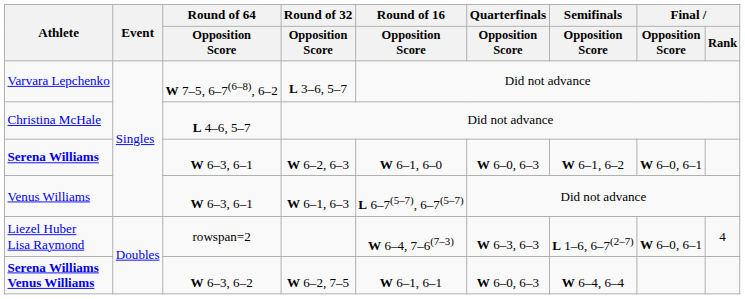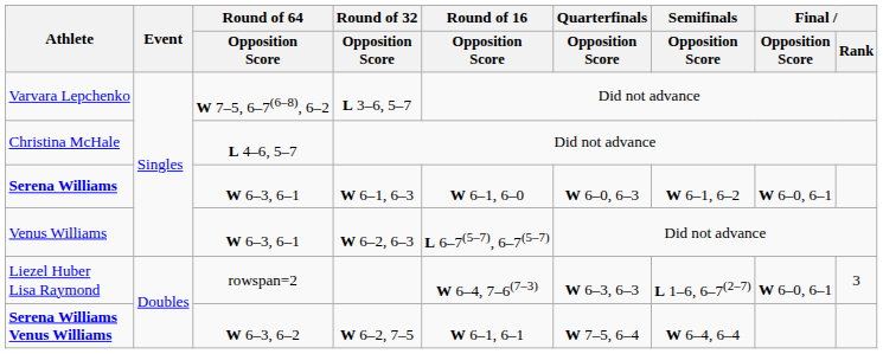 <table class=wikitable style=font-size:90%;text-align:center>
 <tr>
 <th rowspan=2>Athlete</th>
 <th rowspan=2>Event</th>
 <th>Round of 64</th>
 <th>Round of 32</th>
 <th>Round of 16</th>
 <th>Quarterfinals</th>
 <th>Semifinals</th>
 <th colspan=2>Final / </th>
 </tr>
 <tr style=font-size:95%>
 <th>Opposition<br>Score</th>
 <th>Opposition<br>Score</th>
 <th>Opposition<br>Score</th>
 <th>Opposition<br>Score</th>
 <th>Opposition<br>Score</th>
 <th>Opposition<br>Score</th>
 <th>Rank</th>
 </tr>
 <tr>
 <td align=left><a href='#'>Varvara Lepchenko</a></td>
 <td align=left rowspan=4><a href='#'>Singles</a></td>
 <td><br><strong>W</strong> 7–5, 6–7<sup>(6–8)</sup>, 6–2</td>
 <td><br><strong>L</strong> 3–6, 5–7</td>
 <td colspan=5>Did not advance</td>
 </tr>
 <tr>
 <td align=left><a href='#'>Christina McHale</a></td>
 <td><br><strong>L</strong> 4–6, 5–7</td>
 <td colspan=6>Did not advance</td>
 </tr>
 <tr>
 <td align=left><strong><a href='#'>Serena Williams</a></strong></td>
 <td><br><strong>W</strong> 6–3, 6–1</td>
-<td><br><strong>W</strong> 6–2, 6–3</td>
+<td><br><strong>W</strong> 6–1, 6–3</td>
 <td><br><strong>W</strong> 6–1, 6–0</td>
 <td><br><strong>W</strong> 6–0, 6–3</td>
 <td><br><strong>W</strong> 6–1, 6–2</td>
 <td><br><strong>W</strong> 6–0, 6–1</td>
 <td></td>
 </tr>
 <tr>
 <td align=left><a href='#'>Venus Williams</a></td>
 <td><br><strong>W</strong> 6–3, 6–1</td>
-<td><br><strong>W</strong> 6–1, 6–3</td>
+<td><br><strong>W</strong> 6–2, 6–3</td>
 <td><br><strong>L</strong> 6–7<sup>(5–7)</sup>, 6–7<sup>(5–7)</sup></td>
 <td colspan=4>Did not advance</td>
 </tr>
 <tr>
 <td align=left><a href='#'>Liezel Huber</a><br><a href='#'>Lisa Raymond</a></td>
 <td align=left rowspan=2><a href='#'>Doubles</a></td>
 <td>rowspan=2 </td>
 <td></td>
 <td><br><strong>W</strong> 6–4, 7–6<sup>(7–3)</sup></td>
 <td><br><strong>W</strong> 6–3, 6–3</td>
 <td><br><strong>L</strong> 1–6, 6–7<sup>(2–7)</sup></td>
 <td><br><strong>W</strong> 6–0, 6–1</td>
-<td>4</td>
+<td>3</td>
 </tr>
 <tr>
 <td align=left><strong><a href='#'>Serena Williams</a></strong><br><strong><a href='#'>Venus Williams</a></strong></td>
 <td><br><strong>W</strong> 6–3, 6–2</td>
 <td><br><strong>W</strong> 6–2, 7–5</td>
 <td><br><strong>W</strong> 6–1, 6–1</td>
-<td><br><strong>W</strong> 6–0, 6–3</td>
+<td><br><strong>W</strong> 7–5, 6–4</td>
 <td><br><strong>W</strong> 6–4, 6–4</td>
 <td></td>
 </tr>
 </table>
